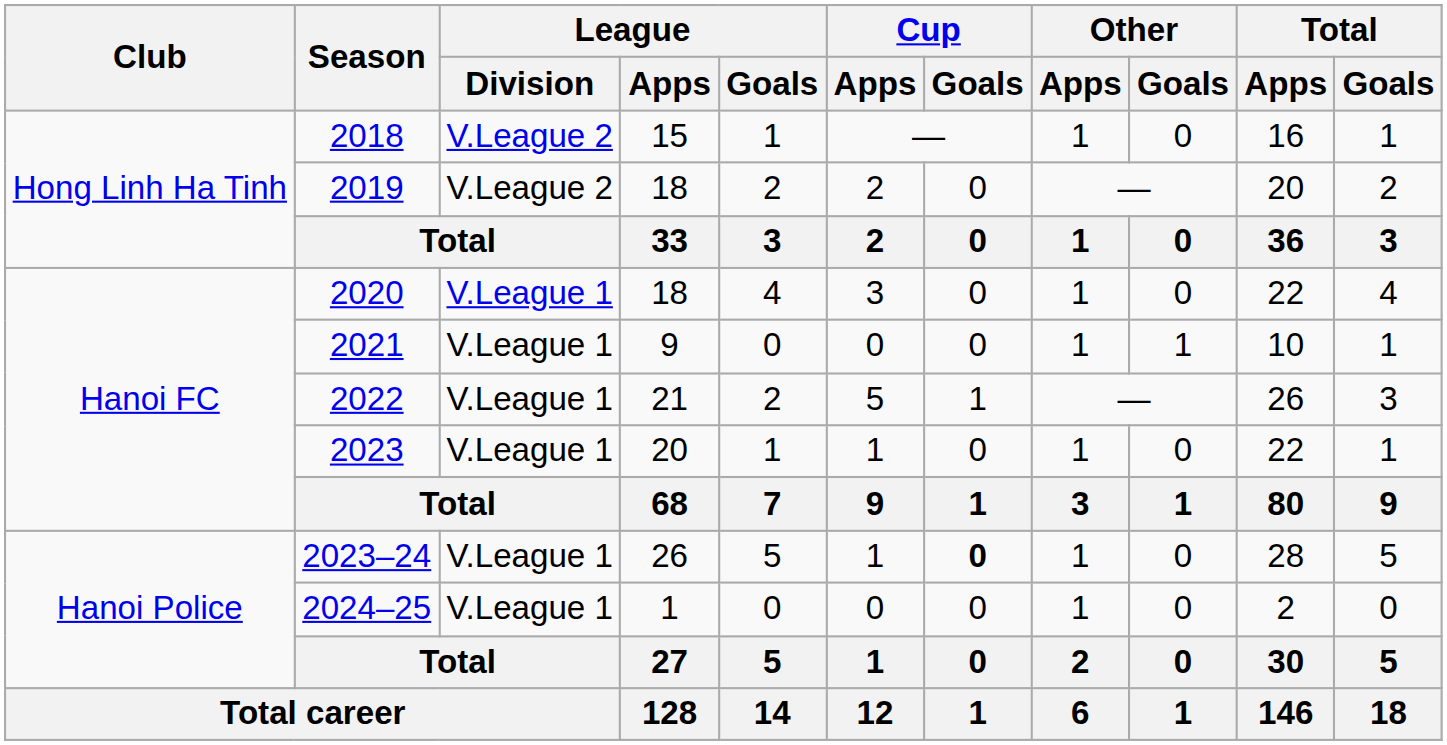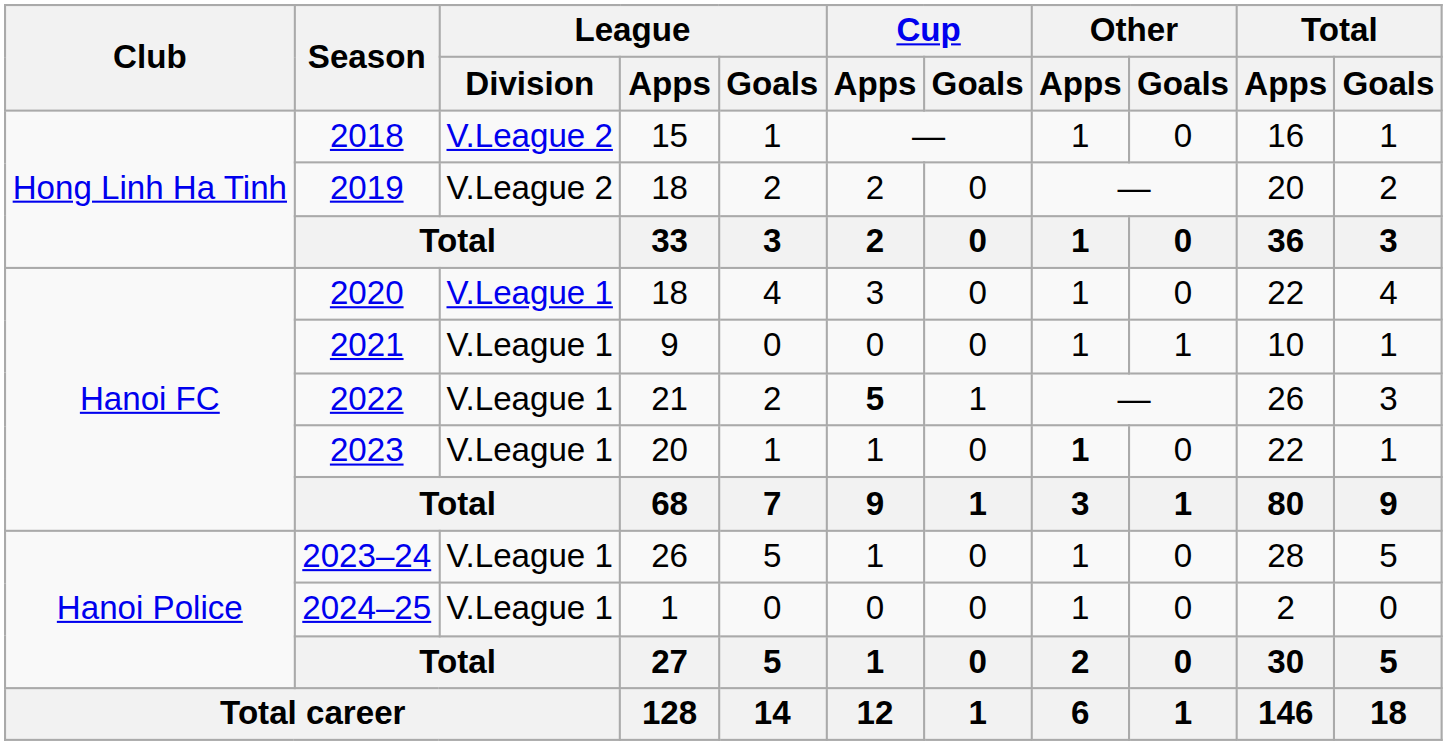 <table class="wikitable" style="text-align: center">
 <tr>
 <th rowspan=2>Club</th>
 <th rowspan=2>Season</th>
 <th colspan=3>League</th>
 <th colspan=2><a href='#'>Cup</a></th>
 <th colspan=2>Other</th>
 <th colspan=2>Total</th>
 </tr>
 <tr>
 <th>Division</th>
 <th>Apps</th>
 <th>Goals</th>
 <th>Apps</th>
 <th>Goals</th>
 <th>Apps</th>
 <th>Goals</th>
 <th>Apps</th>
 <th>Goals</th>
 </tr>
 <tr>
 <td rowspan=3><a href='#'>Hong Linh Ha Tinh</a></td>
 <td><a href='#'>2018</a></td>
 <td><a href='#'>V.League 2</a></td>
 <td>15</td>
 <td>1</td>
 <td colspan=2>—</td>
 <td>1</td>
 <td>0</td>
 <td>16</td>
 <td>1</td>
 </tr>
 <tr>
 <td><a href='#'>2019</a></td>
 <td>V.League 2</td>
 <td>18</td>
 <td>2</td>
 <td>2</td>
 <td>0</td>
 <td colspan=2>—</td>
 <td>20</td>
 <td>2</td>
 </tr>
 <tr>
 <th colspan=2>Total</th>
 <th>33</th>
 <th>3</th>
 <th>2</th>
 <th>0</th>
 <th>1</th>
 <th>0</th>
 <th>36</th>
 <th>3</th>
 </tr>
 <tr>
 <td rowspan=5><a href='#'>Hanoi FC</a></td>
 <td><a href='#'>2020</a></td>
 <td><a href='#'>V.League 1</a></td>
 <td>18</td>
 <td>4</td>
 <td>3</td>
 <td>0</td>
 <td>1</td>
 <td>0</td>
 <td>22</td>
 <td>4</td>
 </tr>
 <tr>
 <td><a href='#'>2021</a></td>
 <td>V.League 1</td>
 <td>9</td>
 <td>0</td>
 <td>0</td>
 <td>0</td>
 <td>1</td>
 <td>1</td>
 <td>10</td>
 <td>1</td>
 </tr>
 <tr>
 <td><a href='#'>2022</a></td>
 <td>V.League 1</td>
 <td>21</td>
 <td>2</td>
-<td>5</td>
+<td><strong>5</strong></td>
 <td>1</td>
 <td colspan=2>—</td>
 <td>26</td>
 <td>3</td>
 </tr>
 <tr>
 <td><a href='#'>2023</a></td>
 <td>V.League 1</td>
 <td>20</td>
 <td>1</td>
 <td>1</td>
 <td>0</td>
-<td>1</td>
+<td><strong>1</strong></td>
 <td>0</td>
 <td>22</td>
 <td>1</td>
 </tr>
 <tr>
 <th colspan=2>Total</th>
 <th>68</th>
 <th>7</th>
 <th>9</th>
 <th>1</th>
 <th>3</th>
 <th>1</th>
 <th>80</th>
 <th>9</th>
 </tr>
 <tr>
 <td rowspan=3><a href='#'>Hanoi Police</a></td>
 <td><a href='#'>2023–24</a></td>
 <td>V.League 1</td>
 <td>26</td>
 <td>5</td>
 <td>1</td>
-<td><strong>0</strong></td>
+<td>0</td>
 <td>1</td>
 <td>0</td>
 <td>28</td>
 <td>5</td>
 </tr>
 <tr>
 <td><a href='#'>2024–25</a></td>
 <td>V.League 1</td>
 <td>1</td>
 <td>0</td>
 <td>0</td>
 <td>0</td>
 <td>1</td>
 <td>0</td>
 <td>2</td>
 <td>0</td>
 </tr>
 <tr>
 <th colspan=2>Total</th>
 <th>27</th>
 <th>5</th>
 <th>1</th>
 <th>0</th>
 <th>2</th>
 <th>0</th>
 <th>30</th>
 <th>5</th>
 </tr>
 <tr>
 <th colspan=3>Total career</th>
 <th>128</th>
 <th>14</th>
 <th>12</th>
 <th>1</th>
 <th>6</th>
 <th>1</th>
 <th>146</th>
 <th>18</th>
 </tr>
 </table>
